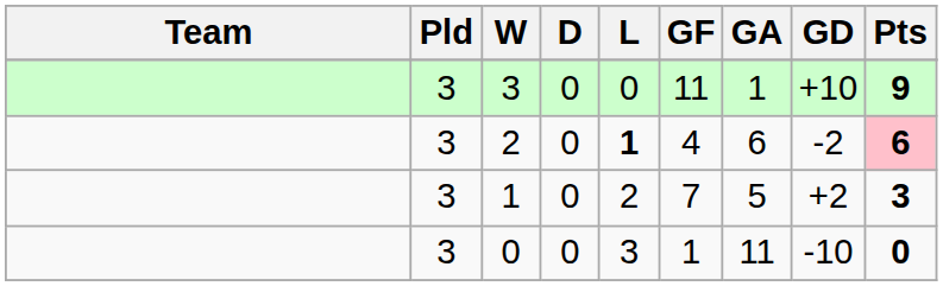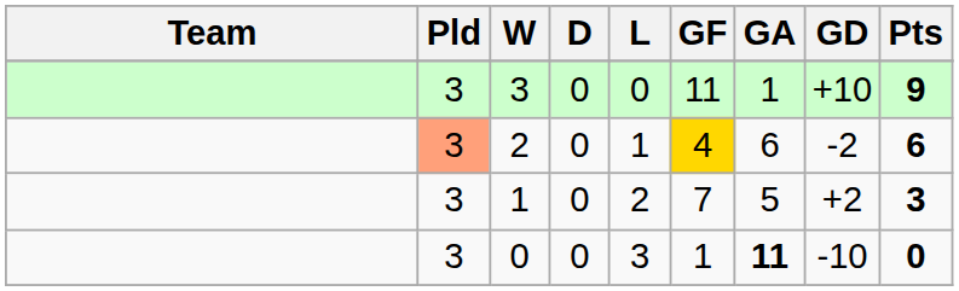 <table class="wikitable" style="text-align:center;">
 <tr>
 <th width=180>Team</th>
 <th width=20>Pld</th>
 <th width=20>W</th>
 <th width=20>D</th>
 <th width=20>L</th>
 <th width=20>GF</th>
 <th width=20>GA</th>
 <th width=20>GD</th>
 <th width=20>Pts</th>
 </tr>
 <tr>
 </tr>
 <tr bgcolor=ccffcc>
 <td align="left"></td>
 <td>3</td>
 <td>3</td>
 <td>0</td>
 <td>0</td>
 <td>11</td>
 <td>1</td>
 <td>+10</td>
 <td><strong>9</strong></td>
 </tr>
 <tr>
 <td align="left"></td>
-<td>3</td>
+<td style="background: lightsalmon;">3</td>
 <td>2</td>
 <td>0</td>
-<td><strong>1</strong></td>
-<td>4</td>
+<td>1</td>
+<td style="background: gold;">4</td>
 <td>6</td>
 <td>-2</td>
-<td style="background: pink;"><strong>6</strong></td>
+<td><strong>6</strong></td>
 </tr>
 <tr>
 <td align="left"></td>
 <td>3</td>
 <td>1</td>
 <td>0</td>
 <td>2</td>
 <td>7</td>
 <td>5</td>
 <td>+2</td>
 <td><strong>3</strong></td>
 </tr>
 <tr>
 <td align="left"></td>
 <td>3</td>
 <td>0</td>
 <td>0</td>
 <td>3</td>
 <td>1</td>
-<td>11</td>
+<td><strong>11</strong></td>
 <td>-10</td>
 <td><strong>0</strong></td>
 </tr>
 </table>
